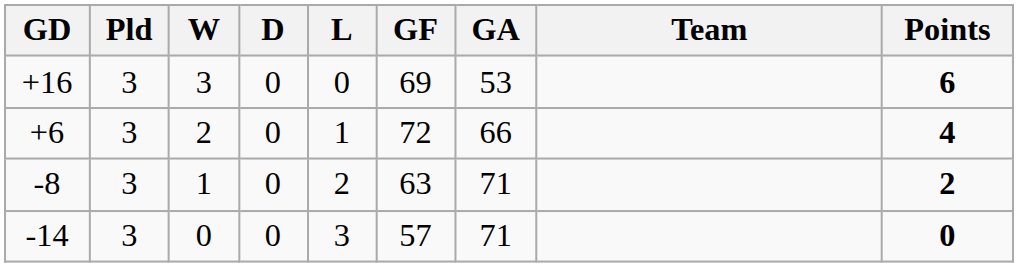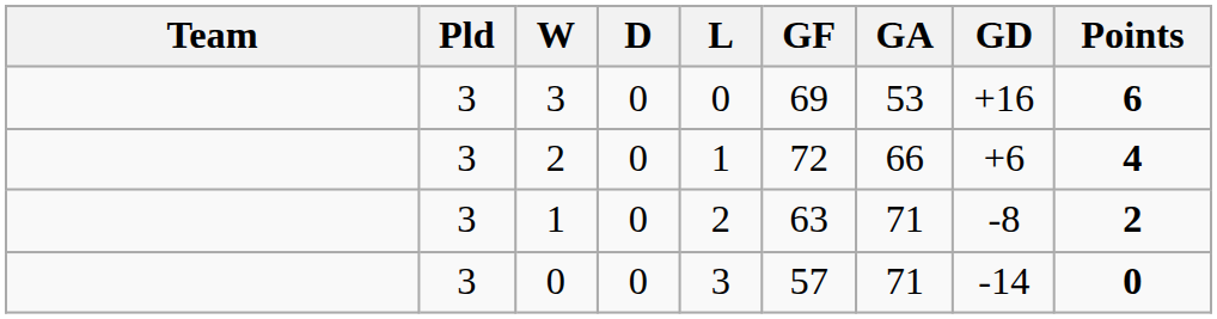 <table class=wikitable style="text-align:center" width=500>
 <tr>
-<th width=5%>GD</th>
+<th width=25%>Team</th>
 <th width=5%>Pld</th>
 <th width=5%>W</th>
 <th width=5%>D</th>
 <th width=5%>L</th>
 <th width=5%>GF</th>
 <th width=5%>GA</th>
-<th width=25%>Team</th>
+<th width=5%>GD</th>
 <th width=8%>Points</th>
 </tr>
 <tr>
-<td>+16</td>
+<td align="left"></td>
 <td>3</td>
 <td>3</td>
 <td>0</td>
 <td>0</td>
 <td>69</td>
 <td>53</td>
-<td align="left"></td>
+<td>+16</td>
 <td><strong>6</strong></td>
 </tr>
 <tr>
-<td>+6</td>
+<td align="left"></td>
 <td>3</td>
 <td>2</td>
 <td>0</td>
 <td>1</td>
 <td>72</td>
 <td>66</td>
-<td align="left"></td>
+<td>+6</td>
 <td><strong>4</strong></td>
 </tr>
 <tr>
-<td>-8</td>
+<td align="left"></td>
 <td>3</td>
 <td>1</td>
 <td>0</td>
 <td>2</td>
 <td>63</td>
 <td>71</td>
-<td align="left"></td>
+<td>-8</td>
 <td><strong>2</strong></td>
 </tr>
 <tr>
-<td>-14</td>
+<td align="left"></td>
 <td>3</td>
 <td>0</td>
 <td>0</td>
 <td>3</td>
 <td>57</td>
 <td>71</td>
-<td align="left"></td>
+<td>-14</td>
 <td><strong>0</strong></td>
 </tr>
 </table>
